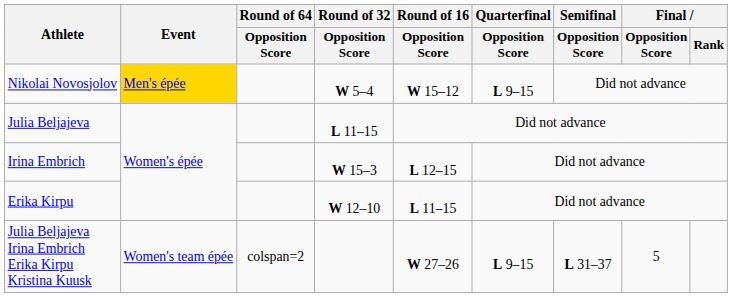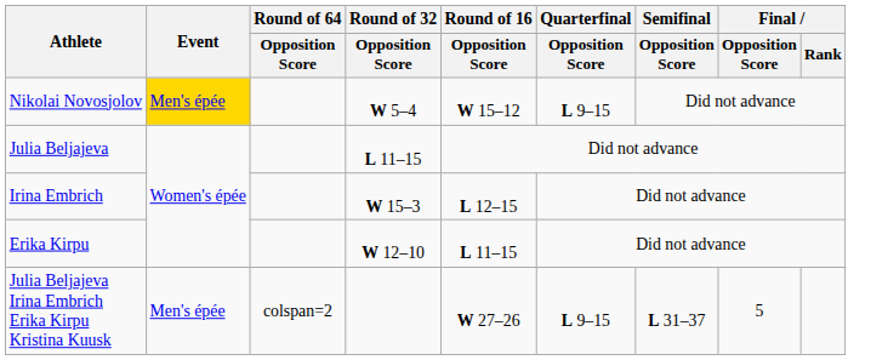 <table class="wikitable" style="font-size:90%">
 <tr>
 <th rowspan=2>Athlete</th>
 <th rowspan=2>Event</th>
 <th>Round of 64</th>
 <th>Round of 32</th>
 <th>Round of 16</th>
 <th>Quarterfinal</th>
 <th>Semifinal</th>
 <th colspan=2>Final / </th>
 </tr>
 <tr style="font-size:95%">
 <th>Opposition<br>Score</th>
 <th>Opposition<br>Score</th>
 <th>Opposition<br>Score</th>
 <th>Opposition<br>Score</th>
 <th>Opposition<br>Score</th>
 <th>Opposition<br>Score</th>
 <th>Rank</th>
 </tr>
 <tr align=center>
 <td align=left><a href='#'>Nikolai Novosjolov</a></td>
 <td align=left style="background: gold;"><a href='#'>Men's épée</a></td>
 <td></td>
 <td><br><strong>W</strong> 5–4</td>
 <td><br><strong>W</strong> 15–12</td>
 <td><br><strong>L</strong> 9–15</td>
 <td colspan=3>Did not advance</td>
 </tr>
 <tr align=center>
 <td align=left><a href='#'>Julia Beljajeva</a></td>
 <td align=left rowspan=3><a href='#'>Women's épée</a></td>
 <td></td>
 <td><br><strong>L</strong> 11–15</td>
 <td colspan=5>Did not advance</td>
 </tr>
 <tr align=center>
 <td align=left><a href='#'>Irina Embrich</a></td>
 <td></td>
 <td><br><strong>W</strong> 15–3</td>
 <td><br><strong>L</strong> 12–15</td>
 <td colspan=4>Did not advance</td>
 </tr>
 <tr align=center>
 <td align=left><a href='#'>Erika Kirpu</a></td>
 <td></td>
 <td><br><strong>W</strong> 12–10</td>
 <td><br><strong>L</strong> 11–15</td>
 <td colspan=4>Did not advance</td>
 </tr>
 <tr align=center>
 <td align=left><a href='#'>Julia Beljajeva</a><br><a href='#'>Irina Embrich</a><br><a href='#'>Erika Kirpu</a><br><a href='#'>Kristina Kuusk</a></td>
-<td align=left><a href='#'>Women's team épée</a></td>
+<td align=left><a href='#'>Men's épée</a></td>
 <td>colspan=2 </td>
 <td></td>
 <td><br><strong>W</strong> 27–26</td>
 <td><br><strong>L</strong> 9–15</td>
 <td><br><strong>L</strong> 31–37</td>
 <td>5</td>
 </tr>
 </table>
